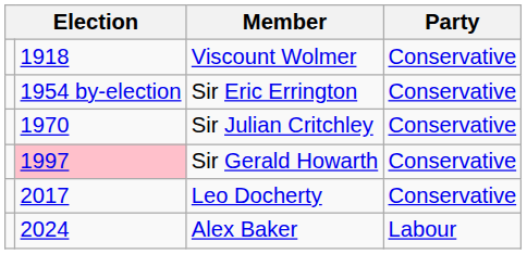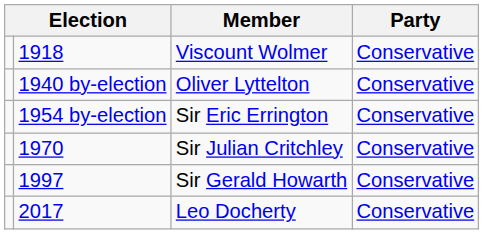 <table class="wikitable">
 <tr>
 <th colspan="2">Election</th>
 <th>Member</th>
 <th>Party</th>
 </tr>
 <tr>
 <td style="color:inherit;background-color: "></td>
 <td><a href='#'>1918</a></td>
 <td><a href='#'>Viscount Wolmer</a></td>
+<td><a href='#'>Conservative</a></td>
+</tr>
+<tr>
+<td style="color:inherit;background-color: "></td>
+<td><a href='#'>1940 by-election</a></td>
+<td><a href='#'>Oliver Lyttelton</a></td>
 <td><a href='#'>Conservative</a></td>
 </tr>
 <tr>
 <td style="color:inherit;background-color: "></td>
 <td><a href='#'>1954 by-election</a></td>
 <td>Sir <a href='#'>Eric Errington</a></td>
 <td><a href='#'>Conservative</a></td>
 </tr>
 <tr>
 <td style="color:inherit;background-color: "></td>
 <td><a href='#'>1970</a></td>
 <td>Sir <a href='#'>Julian Critchley</a></td>
 <td><a href='#'>Conservative</a></td>
 </tr>
 <tr>
 <td style="color:inherit;background-color: "></td>
-<td style="background: pink;"><a href='#'>1997</a></td>
+<td><a href='#'>1997</a></td>
 <td>Sir <a href='#'>Gerald Howarth</a></td>
 <td><a href='#'>Conservative</a></td>
 </tr>
 <tr>
 <td style="color:inherit;background-color: "></td>
 <td><a href='#'>2017</a></td>
 <td><a href='#'>Leo Docherty</a></td>
 <td><a href='#'>Conservative</a></td>
 </tr>
-<tr>
-<td style="color:inherit;background-color: "></td>
-<td><a href='#'>2024</a></td>
-<td><a href='#'>Alex Baker</a></td>
-<td><a href='#'>Labour</a></td>
-</tr>
 </table>
